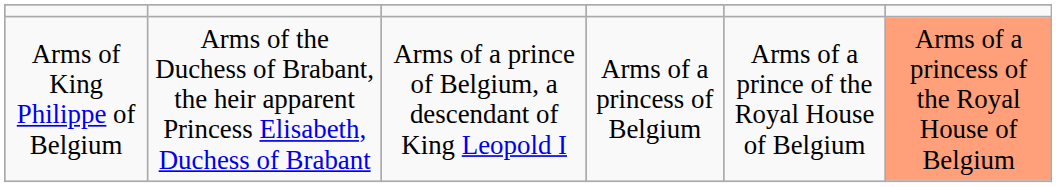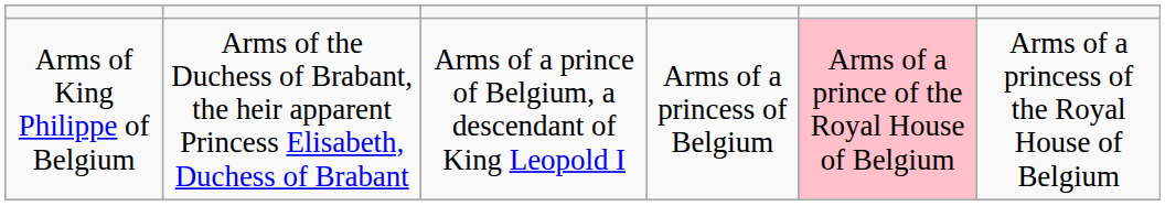 <table class="wikitable" style="margin:1em auto; text-align:center;">
 <tr>
 <td></td>
 <td></td>
 <td></td>
 <td></td>
 <td></td>
 <td></td>
 </tr>
 <tr>
 <td>Arms of King <a href='#'>Philippe</a> of Belgium</td>
 <td>Arms of the Duchess of Brabant, the heir apparent Princess <a href='#'>Elisabeth, Duchess of Brabant</a></td>
 <td>Arms of a prince of Belgium, a descendant of King <a href='#'>Leopold I</a></td>
 <td>Arms of a princess of Belgium</td>
-<td>Arms of a prince of the Royal House of Belgium</td>
-<td style="background: lightsalmon;">Arms of a princess of the Royal House of Belgium</td>
+<td style="background: pink;">Arms of a prince of the Royal House of Belgium</td>
+<td>Arms of a princess of the Royal House of Belgium</td>
 </tr>
 </table>
